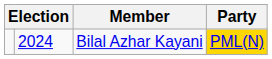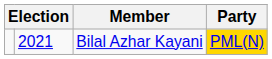 <table class="wikitable">
 <tr>
 <th colspan="2">Election</th>
 <th>Member</th>
 <th>Party</th>
 </tr>
 <tr>
 <td style="background-color: "></td>
-<td><a href='#'>2024</a></td>
+<td><a href='#'>2021</a></td>
 <td><a href='#'>Bilal Azhar Kayani</a></td>
 <td style="background: gold;"><a href='#'>PML(N)</a></td>
 </tr>
 </table>
